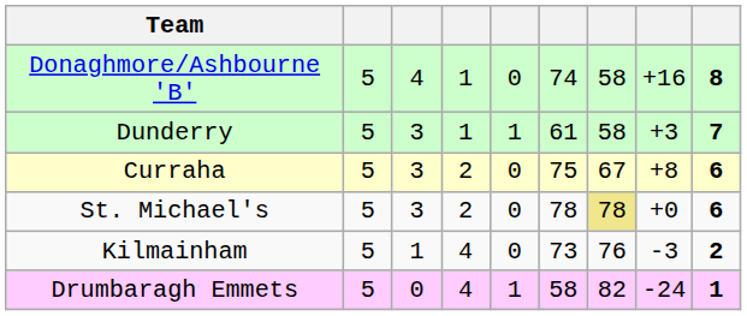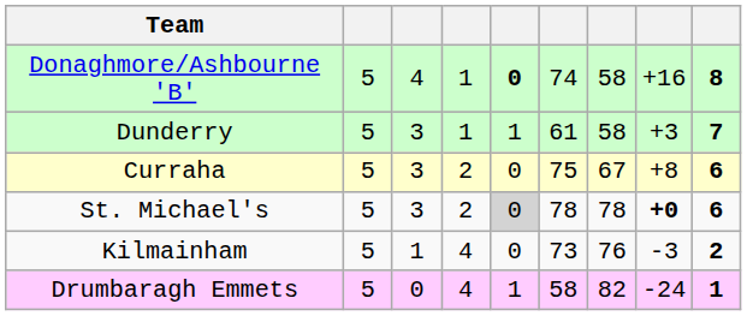 <table class="wikitable" style="text-align:center">
 <tr>
 <th style="width:175px;">Team</th>
 <th width="20"></th>
 <th width="20"></th>
 <th width="20"></th>
 <th width="20"></th>
 <th width="20"></th>
 <th width="20"></th>
 <th width="20"></th>
 <th width="20"></th>
 </tr>
 <tr style="background:#cfc;">
 <td><a href='#'>Donaghmore/Ashbourne 'B'</a></td>
 <td>5</td>
 <td>4</td>
 <td>1</td>
-<td>0</td>
+<td><strong>0</strong></td>
 <td>74</td>
 <td>58</td>
 <td>+16</td>
 <td><strong>8</strong></td>
 </tr>
 <tr style="background:#cfc;">
 <td>Dunderry</td>
 <td>5</td>
 <td>3</td>
 <td>1</td>
 <td>1</td>
 <td>61</td>
 <td>58</td>
 <td>+3</td>
 <td><strong>7</strong></td>
 </tr>
 <tr style="background:#ffffcc;">
 <td>Curraha</td>
 <td>5</td>
 <td>3</td>
 <td>2</td>
 <td>0</td>
 <td>75</td>
 <td>67</td>
 <td>+8</td>
 <td><strong>6</strong></td>
 </tr>
 <tr>
 <td>St. Michael's</td>
 <td>5</td>
 <td>3</td>
 <td>2</td>
-<td>0</td>
+<td style="background: lightgrey;">0</td>
 <td>78</td>
-<td style="background: khaki;">78</td>
-<td>+0</td>
+<td>78</td>
+<td><strong>+0</strong></td>
 <td><strong>6</strong></td>
 </tr>
 <tr>
 <td>Kilmainham</td>
 <td>5</td>
 <td>1</td>
 <td>4</td>
 <td>0</td>
 <td>73</td>
 <td>76</td>
 <td>-3</td>
 <td><strong>2</strong></td>
 </tr>
 <tr style="background:#fcf;">
 <td>Drumbaragh Emmets</td>
 <td>5</td>
 <td>0</td>
 <td>4</td>
 <td>1</td>
 <td>58</td>
 <td>82</td>
 <td>-24</td>
 <td><strong>1</strong></td>
 </tr>
 </table>
